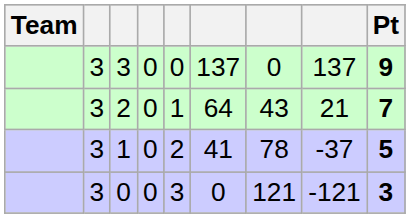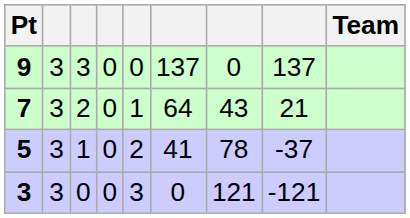 <table class="wikitable" style="text-align: center;">
 <tr>
-<th>Team</th>
+<th>Pt</th>
 <th></th>
 <th></th>
 <th></th>
 <th></th>
 <th></th>
 <th></th>
 <th></th>
-<th>Pt</th>
+<th>Team</th>
 </tr>
 <tr bgcolor="ccffcc">
-<td align="left"></td>
+<td><strong>9</strong></td>
 <td>3</td>
 <td>3</td>
 <td>0</td>
 <td>0</td>
 <td>137</td>
 <td>0</td>
 <td>137</td>
-<td><strong>9</strong></td>
+<td align="left"></td>
 </tr>
 <tr bgcolor="ccffcc">
-<td align="left"></td>
+<td><strong>7</strong></td>
 <td>3</td>
 <td>2</td>
 <td>0</td>
 <td>1</td>
 <td>64</td>
 <td>43</td>
 <td>21</td>
-<td><strong>7</strong></td>
+<td align="left"></td>
 </tr>
 <tr bgcolor="ccccff">
-<td align="left"></td>
+<td><strong>5</strong></td>
 <td>3</td>
 <td>1</td>
 <td>0</td>
 <td>2</td>
 <td>41</td>
 <td>78</td>
 <td>-37</td>
-<td><strong>5</strong></td>
+<td align="left"></td>
 </tr>
 <tr bgcolor="ccccff">
-<td align="left"></td>
+<td><strong>3</strong></td>
 <td>3</td>
 <td>0</td>
 <td>0</td>
 <td>3</td>
 <td>0</td>
 <td>121</td>
 <td>-121</td>
-<td><strong>3</strong></td>
+<td align="left"></td>
 </tr>
 </table>
